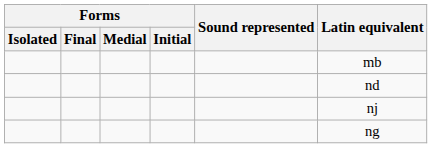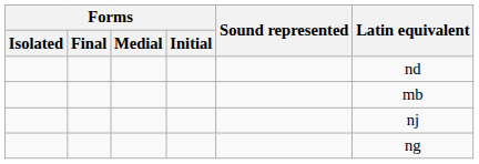 <table class="wikitable" style="text-align: center;">
 <tr>
 <th colspan="4">Forms</th>
 <th rowspan="2">Sound represented</th>
 <th rowspan="2">Latin equivalent</th>
 </tr>
 <tr>
 <th>Isolated</th>
 <th>Final</th>
 <th>Medial</th>
 <th>Initial</th>
 </tr>
 <tr>
 <td><span></span></td>
 <td><span></span></td>
 <td><span></span></td>
 <td><span></span></td>
 <td></td>
-<td>mb</td>
+<td>nd</td>
 </tr>
 <tr>
 <td><span></span></td>
 <td><span></span></td>
 <td><span></span></td>
 <td><span></span></td>
 <td></td>
-<td>nd</td>
+<td>mb</td>
 </tr>
 <tr>
 <td><span></span></td>
 <td><span></span></td>
 <td><span></span></td>
 <td><span></span></td>
 <td></td>
 <td>nj</td>
 </tr>
 <tr>
 <td><span></span></td>
 <td><span></span></td>
 <td><span></span></td>
 <td><span></span></td>
 <td></td>
 <td>ng</td>
 </tr>
 </table>
